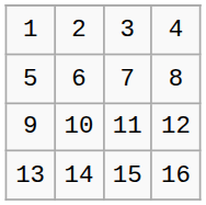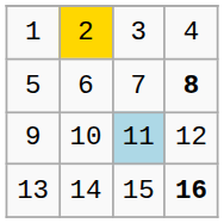 <table class="wikitable" style="margin-left:auto;margin-right:auto;text-align:center;width:8em;height:8em;table-layout:fixed;">
 <tr>
 </tr>
 <tr>
 <td>1</td>
-<td>2</td>
+<td style="background: gold;">2</td>
 <td>3</td>
 <td>4</td>
 </tr>
 <tr>
 <td>5</td>
 <td>6</td>
 <td>7</td>
-<td>8</td>
+<td><strong>8</strong></td>
 </tr>
 <tr>
 <td>9</td>
 <td>10</td>
-<td>11</td>
+<td style="background: lightblue;">11</td>
 <td>12</td>
 </tr>
 <tr>
 <td>13</td>
 <td>14</td>
 <td>15</td>
-<td>16</td>
+<td><strong>16</strong></td>
 </tr>
 </table>
